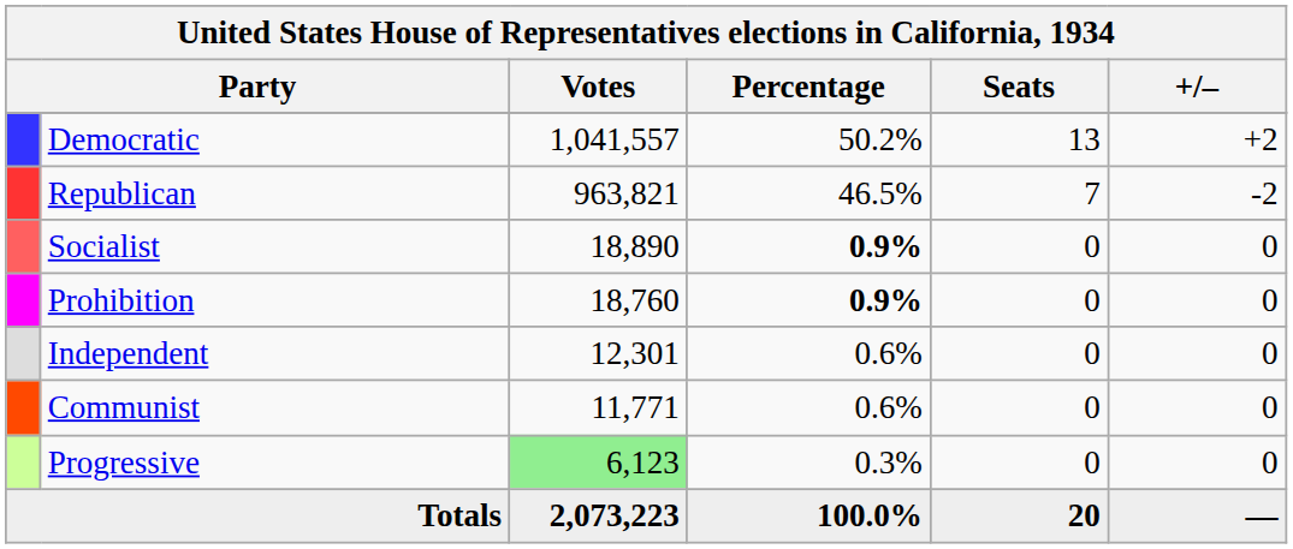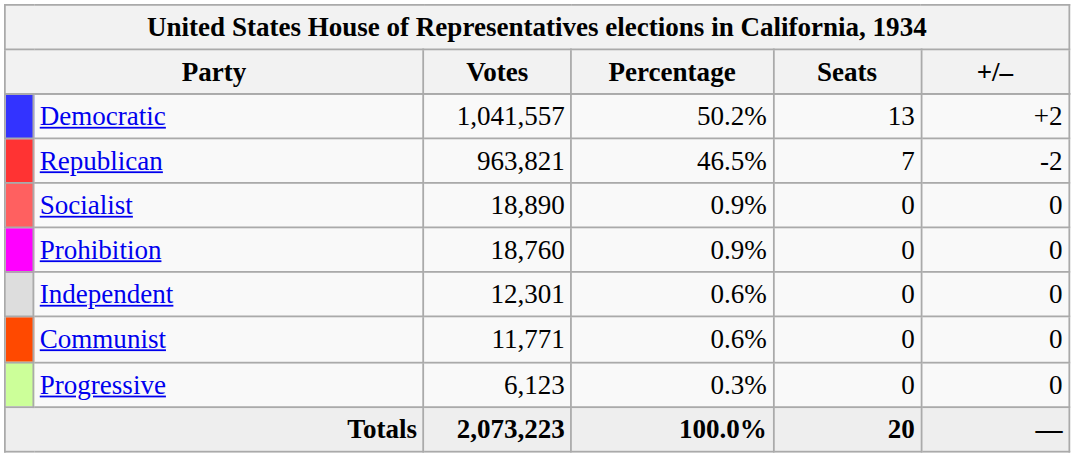 <table class="wikitable" style="font-size: 95%;">
 <tr>
 <th colspan="6">United States House of Representatives elections in California, 1934</th>
 </tr>
 <tr>
 <th colspan=2 style="width: 15em">Party</th>
 <th style="width: 5em">Votes</th>
 <th style="width: 7em">Percentage</th>
 <th style="width: 5em">Seats</th>
 <th style="width: 5em">+/–</th>
 </tr>
 <tr>
 </tr>
 <tr>
 <th style="background-color:#3333FF; width: 3px"></th>
 <td style="width: 130px"><a href='#'>Democratic</a></td>
 <td style="text-align:right;">1,041,557</td>
 <td style="text-align:right;">50.2%</td>
 <td style="text-align:right;">13</td>
 <td style="text-align:right;">+2</td>
 </tr>
 <tr>
 <th style="background-color:#FF3333; width: 3px"></th>
 <td style="width: 130px"><a href='#'>Republican</a></td>
 <td style="text-align:right;">963,821</td>
 <td style="text-align:right;">46.5%</td>
 <td style="text-align:right;">7</td>
 <td style="text-align:right;">-2</td>
 </tr>
 <tr>
 <th style="background-color:#FF6060; width: 3px"></th>
 <td style="width: 130px"><a href='#'>Socialist</a></td>
 <td style="text-align:right;">18,890</td>
-<td style="text-align:right;"><strong>0.9%</strong></td>
+<td style="text-align:right;">0.9%</td>
 <td style="text-align:right;">0</td>
 <td style="text-align:right;">0</td>
 </tr>
 <tr>
 <th style="background-color:#FF00FF; width: 3px"></th>
 <td style="width: 130px"><a href='#'>Prohibition</a></td>
 <td style="text-align:right;">18,760</td>
-<td style="text-align:right;"><strong>0.9%</strong></td>
+<td style="text-align:right;">0.9%</td>
 <td style="text-align:right;">0</td>
 <td style="text-align:right;">0</td>
 </tr>
 <tr>
 <th style="background-color:#DDDDDD; width: 3px"></th>
 <td style="width: 130px"><a href='#'>Independent</a></td>
 <td style="text-align:right;">12,301</td>
 <td style="text-align:right;">0.6%</td>
 <td style="text-align:right;">0</td>
 <td style="text-align:right;">0</td>
 </tr>
 <tr>
 <th style="background-color:#FF4900; width: 3px"></th>
 <td style="width: 130px"><a href='#'>Communist</a></td>
 <td style="text-align:right;">11,771</td>
 <td style="text-align:right;">0.6%</td>
 <td style="text-align:right;">0</td>
 <td style="text-align:right;">0</td>
 </tr>
 <tr>
 <th style="background-color:#CCFF99; width: 3px"></th>
 <td style="width: 130px"><a href='#'>Progressive</a></td>
-<td style="background: lightgreen; text-align:right;">6,123</td>
+<td style="text-align:right;">6,123</td>
 <td style="text-align:right;">0.3%</td>
 <td style="text-align:right;">0</td>
 <td style="text-align:right;">0</td>
 </tr>
 <tr style="background-color:#EEEEEE;">
 <td colspan="2" align="right"><strong>Totals</strong></td>
 <td style="text-align:right;"><strong>2,073,223</strong></td>
 <td style="text-align:right;"><strong>100.0%</strong></td>
 <td style="text-align:right;"><strong>20</strong></td>
 <td style="text-align:right;"><strong>—</strong></td>
 </tr>
 </table>
